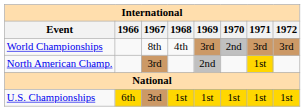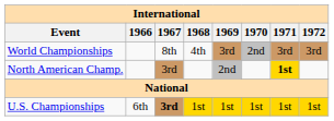 <table class="wikitable" style="text-align:center">
 <tr>
 <th style="background-color: #ffdead; " colspan=8 align=center>International</th>
 </tr>
 <tr>
 <th>Event</th>
 <th>1966</th>
 <th>1967</th>
 <th>1968</th>
 <th>1969</th>
 <th>1970</th>
 <th>1971</th>
 <th>1972</th>
 </tr>
 <tr>
 <td align=left><a href='#'>World Championships</a></td>
 <td></td>
 <td>8th</td>
 <td>4th</td>
 <td bgcolor=cc9966>3rd</td>
 <td bgcolor=silver>2nd</td>
 <td bgcolor=cc9966>3rd</td>
 <td bgcolor=cc9966>3rd</td>
 </tr>
 <tr>
 <td align=left><a href='#'>North American Champ.</a></td>
 <td></td>
 <td bgcolor=cc9966>3rd</td>
 <td></td>
 <td bgcolor=silver>2nd</td>
 <td></td>
-<td bgcolor=gold>1st</td>
+<td bgcolor=gold><strong>1st</strong></td>
 <td></td>
 </tr>
 <tr>
 <th style="background-color: #ffdead; " colspan=8 align=center>National</th>
 </tr>
 <tr>
 <td align=left><a href='#'>U.S. Championships</a></td>
-<td style="background: gold;">6th</td>
-<td bgcolor=cc9966>3rd</td>
+<td>6th</td>
+<td bgcolor=cc9966><strong>3rd</strong></td>
 <td bgcolor=gold>1st</td>
 <td bgcolor=gold>1st</td>
 <td bgcolor=gold>1st</td>
 <td bgcolor=gold>1st</td>
 <td bgcolor=gold>1st</td>
 </tr>
 </table>
